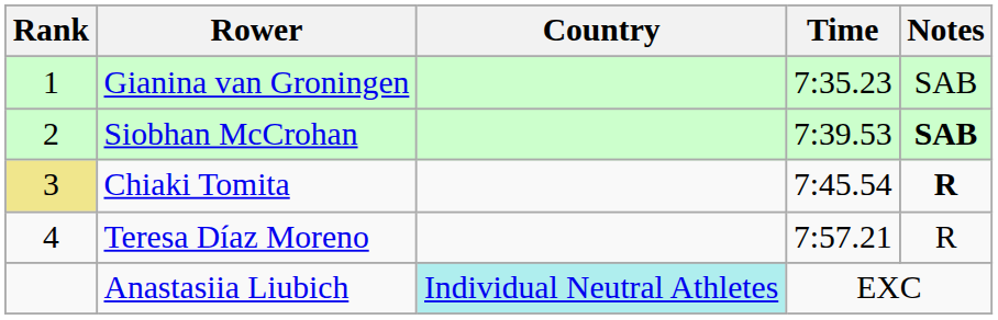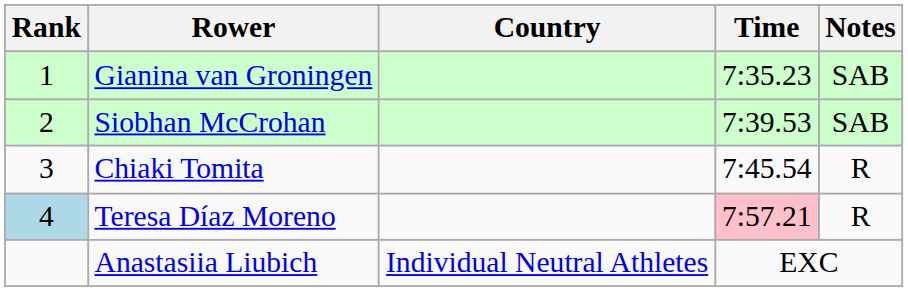 <table class="wikitable" style="text-align:center">
 <tr>
 <th>Rank</th>
 <th>Rower</th>
 <th>Country</th>
 <th>Time</th>
 <th>Notes</th>
 </tr>
 <tr bgcolor=ccffcc>
 <td>1</td>
 <td align="left"><a href='#'>Gianina van Groningen</a></td>
 <td align="left"></td>
 <td>7:35.23</td>
 <td>SAB</td>
 </tr>
 <tr bgcolor=ccffcc>
 <td>2</td>
 <td align="left"><a href='#'>Siobhan McCrohan</a></td>
 <td align="left"></td>
 <td>7:39.53</td>
-<td><strong>SAB</strong></td>
+<td>SAB</td>
 </tr>
 <tr>
-<td style="background: khaki;">3</td>
+<td>3</td>
 <td align="left"><a href='#'>Chiaki Tomita</a></td>
 <td align="left"></td>
 <td>7:45.54</td>
-<td><strong>R</strong></td>
+<td>R</td>
 </tr>
 <tr>
-<td>4</td>
+<td style="background: lightblue;">4</td>
 <td align="left"><a href='#'>Teresa Díaz Moreno</a></td>
 <td align="left"></td>
-<td>7:57.21</td>
+<td style="background: pink;">7:57.21</td>
 <td>R</td>
 </tr>
 <tr>
 <td></td>
 <td align="left"><a href='#'>Anastasiia Liubich</a></td>
-<td align="left" style="background: paleturquoise;"><a href='#'>Individual Neutral Athletes</a></td>
+<td align="left"><a href='#'>Individual Neutral Athletes</a></td>
 <td colspan=2>EXC</td>
 </tr>
 </table>
